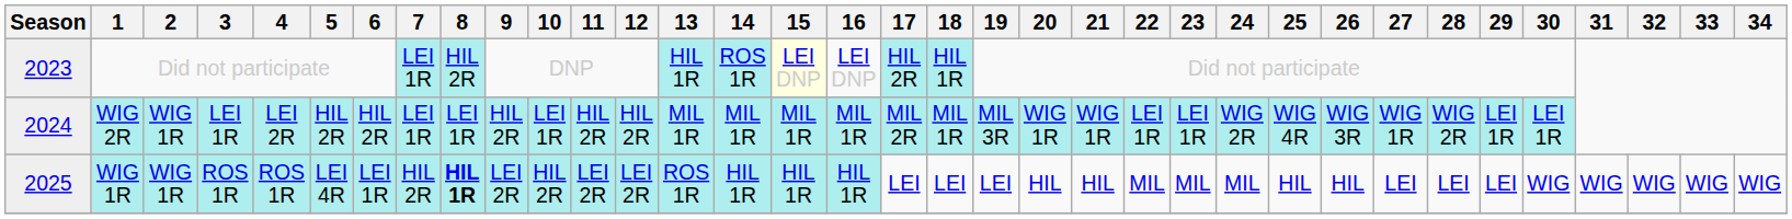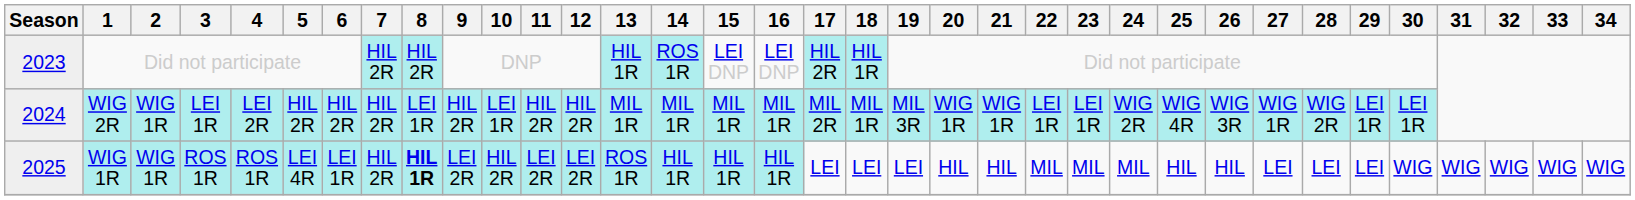 <table class="wikitable" style="width:20%; margin:0; font-size:84%">
 <tr>
 <th>Season</th>
 <th>1</th>
 <th>2</th>
 <th>3</th>
 <th>4</th>
 <th>5</th>
 <th>6</th>
 <th>7</th>
 <th>8</th>
 <th>9</th>
 <th>10</th>
 <th>11</th>
 <th>12</th>
 <th>13</th>
 <th>14</th>
 <th>15</th>
 <th>16</th>
 <th>17</th>
 <th>18</th>
 <th>19</th>
 <th>20</th>
 <th>21</th>
 <th>22</th>
 <th>23</th>
 <th>24</th>
 <th>25</th>
 <th>26</th>
 <th>27</th>
 <th>28</th>
 <th>29</th>
 <th>30</th>
 <th>31</th>
 <th>32</th>
 <th>33</th>
 <th>34</th>
 </tr>
 <tr>
 <td style="text-align:center; background:#efefef;"><a href='#'>2023</a></td>
 <td colspan="6" style="text-align:center; color:#ccc;">Did not participate</td>
-<td style="text-align:center; background:#afeeee;"><a href='#'>LEI</a><br>1R</td>
+<td style="text-align:center; background:#afeeee;"><a href='#'>HIL</a><br>2R</td>
 <td style="text-align:center; background:#afeeee;"><a href='#'>HIL</a><br>2R</td>
 <td colspan="4" style="text-align:center; color:#ccc;">DNP</td>
 <td style="text-align:center; background:#afeeee;"><a href='#'>HIL</a><br>1R</td>
 <td style="text-align:center; background:#afeeee;"><a href='#'>ROS</a><br>1R</td>
-<td style="background: lightyellow; text-align:center; color:#ccc;"><a href='#'>LEI</a><br>DNP</td>
+<td style="text-align:center; color:#ccc;"><a href='#'>LEI</a><br>DNP</td>
 <td style="text-align:center; color:#ccc;"><a href='#'>LEI</a><br>DNP</td>
 <td style="text-align:center; background:#afeeee;"><a href='#'>HIL</a><br>2R</td>
 <td style="text-align:center; background:#afeeee;"><a href='#'>HIL</a><br>1R</td>
 <td colspan="12" style="text-align:center; color:#ccc;">Did not participate</td>
 </tr>
 <tr>
 <td style="text-align:center; background:#efefef;"><a href='#'>2024</a></td>
 <td style="text-align:center; background:#afeeee;"><a href='#'>WIG</a><br>2R</td>
 <td style="text-align:center; background:#afeeee;"><a href='#'>WIG</a><br>1R</td>
 <td style="text-align:center; background:#afeeee;"><a href='#'>LEI</a><br>1R</td>
 <td style="text-align:center; background:#afeeee;"><a href='#'>LEI</a><br>2R</td>
 <td style="text-align:center; background:#afeeee;"><a href='#'>HIL</a><br>2R</td>
 <td style="text-align:center; background:#afeeee;"><a href='#'>HIL</a><br>2R</td>
-<td style="text-align:center; background:#afeeee;"><a href='#'>LEI</a><br>1R</td>
+<td style="text-align:center; background:#afeeee;"><a href='#'>HIL</a><br>2R</td>
 <td style="text-align:center; background:#afeeee;"><a href='#'>LEI</a><br>1R</td>
 <td style="text-align:center; background:#afeeee;"><a href='#'>HIL</a><br>2R</td>
 <td style="text-align:center; background:#afeeee;"><a href='#'>LEI</a><br>1R</td>
 <td style="text-align:center; background:#afeeee;"><a href='#'>HIL</a><br>2R</td>
 <td style="text-align:center; background:#afeeee;"><a href='#'>HIL</a><br>2R</td>
 <td style="text-align:center; background:#afeeee;"><a href='#'>MIL</a><br>1R</td>
 <td style="text-align:center; background:#afeeee;"><a href='#'>MIL</a><br>1R</td>
 <td style="text-align:center; background:#afeeee;"><a href='#'>MIL</a><br>1R</td>
 <td style="text-align:center; background:#afeeee;"><a href='#'>MIL</a><br>1R</td>
 <td style="text-align:center; background:#afeeee;"><a href='#'>MIL</a><br>2R</td>
 <td style="text-align:center; background:#afeeee;"><a href='#'>MIL</a><br>1R</td>
 <td style="text-align:center; background:#afeeee;"><a href='#'>MIL</a><br>3R</td>
 <td style="text-align:center; background:#afeeee;"><a href='#'>WIG</a><br>1R</td>
 <td style="text-align:center; background:#afeeee;"><a href='#'>WIG</a><br>1R</td>
 <td style="text-align:center; background:#afeeee;"><a href='#'>LEI</a><br>1R</td>
 <td style="text-align:center; background:#afeeee;"><a href='#'>LEI</a><br>1R</td>
 <td style="text-align:center; background:#afeeee;"><a href='#'>WIG</a><br>2R</td>
 <td style="text-align:center; background:#afeeee;"><a href='#'>WIG</a><br>4R</td>
 <td style="text-align:center; background:#afeeee;"><a href='#'>WIG</a><br>3R</td>
 <td style="text-align:center; background:#afeeee;"><a href='#'>WIG</a><br>1R</td>
 <td style="text-align:center; background:#afeeee;"><a href='#'>WIG</a><br>2R</td>
 <td style="text-align:center; background:#afeeee;"><a href='#'>LEI</a><br>1R</td>
 <td style="text-align:center; background:#afeeee;"><a href='#'>LEI</a><br>1R</td>
 </tr>
 <tr>
 <td style="text-align:center; background:#efefef;"><a href='#'>2025</a></td>
 <td style="text-align:center; background:#afeeee;"><a href='#'>WIG</a><br>1R</td>
 <td style="text-align:center; background:#afeeee;"><a href='#'>WIG</a><br>1R</td>
 <td style="text-align:center; background:#afeeee;"><a href='#'>ROS</a><br>1R</td>
 <td style="text-align:center; background:#afeeee;"><a href='#'>ROS</a><br>1R</td>
 <td style="text-align:center; background:#afeeee;"><a href='#'>LEI</a><br>4R</td>
 <td style="text-align:center; background:#afeeee;"><a href='#'>LEI</a><br>1R</td>
 <td style="text-align:center; background:#afeeee;"><a href='#'>HIL</a><br>2R</td>
 <td style="text-align:center; background:#afeeee;"><strong><a href='#'>HIL</a><br>1R</strong></td>
 <td style="text-align:center; background:#afeeee;"><a href='#'>LEI</a><br>2R</td>
 <td style="text-align:center; background:#afeeee;"><a href='#'>HIL</a><br>2R</td>
 <td style="text-align:center; background:#afeeee;"><a href='#'>LEI</a><br>2R</td>
 <td style="text-align:center; background:#afeeee;"><a href='#'>LEI</a><br>2R</td>
 <td style="text-align:center; background:#afeeee;"><a href='#'>ROS</a><br>1R</td>
 <td style="text-align:center; background:#afeeee;"><a href='#'>HIL</a><br>1R</td>
 <td style="text-align:center; background:#afeeee;"><a href='#'>HIL</a><br>1R</td>
 <td style="text-align:center; background:#afeeee;"><a href='#'>HIL</a><br>1R</td>
 <td style="text-align:center; background:#;"><a href='#'>LEI</a><br></td>
 <td style="text-align:center; background:#;"><a href='#'>LEI</a><br></td>
 <td style="text-align:center; background:#;"><a href='#'>LEI</a><br></td>
 <td style="text-align:center; background:#;"><a href='#'>HIL</a><br></td>
 <td style="text-align:center; background:#;"><a href='#'>HIL</a><br></td>
 <td style="text-align:center; background:#;"><a href='#'>MIL</a><br></td>
 <td style="text-align:center; background:#;"><a href='#'>MIL</a><br></td>
 <td style="text-align:center; background:#;"><a href='#'>MIL</a><br></td>
 <td style="text-align:center; background:#;"><a href='#'>HIL</a><br></td>
 <td style="text-align:center; background:#;"><a href='#'>HIL</a><br></td>
 <td style="text-align:center; background:#;"><a href='#'>LEI</a><br></td>
 <td style="text-align:center; background:#;"><a href='#'>LEI</a><br></td>
 <td style="text-align:center; background:#;"><a href='#'>LEI</a><br></td>
 <td style="text-align:center; background:#;"><a href='#'>WIG</a><br></td>
 <td style="text-align:center; background:#;"><a href='#'>WIG</a><br></td>
 <td style="text-align:center; background:#;"><a href='#'>WIG</a><br></td>
 <td style="text-align:center; background:#;"><a href='#'>WIG</a><br></td>
 <td style="text-align:center; background:#;"><a href='#'>WIG</a><br></td>
 </tr>
 <tr>
 </tr>
 </table>
